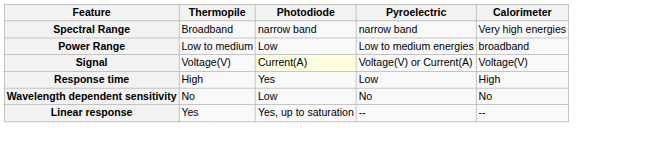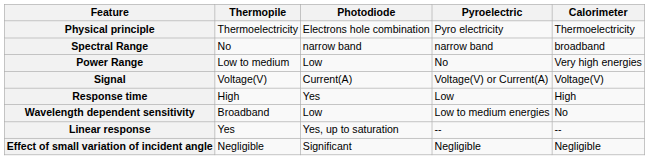 <table class="wikitable"  style="caption-side:bottom;">
 <tr>
 <th>Feature</th>
 <th>Thermopile</th>
 <th>Photodiode</th>
 <th>Pyroelectric</th>
 <th>Calorimeter</th>
 </tr>
 <tr>
+<th>Physical principle</th>
+<td>Thermoelectricity</td>
+<td>Electrons hole combination</td>
+<td>Pyro electricity</td>
+<td>Thermoelectricity</td>
+</tr>
+<tr>
 <th>Spectral Range</th>
-<td>Broadband</td>
+<td>No</td>
 <td>narrow band</td>
 <td>narrow band</td>
-<td>Very high energies</td>
+<td>broadband</td>
 </tr>
 <tr>
 <th>Power Range</th>
 <td>Low to medium</td>
 <td>Low</td>
-<td>Low to medium energies</td>
-<td>broadband</td>
+<td>No</td>
+<td>Very high energies</td>
 </tr>
 <tr>
 <th>Signal</th>
 <td>Voltage(V)</td>
-<td style="background: lightyellow;">Current(A)</td>
+<td>Current(A)</td>
 <td>Voltage(V) or Current(A)</td>
 <td>Voltage(V)</td>
 </tr>
 <tr>
 <th>Response time</th>
 <td>High</td>
 <td>Yes</td>
 <td>Low</td>
 <td>High</td>
 </tr>
 <tr>
 <th>Wavelength dependent sensitivity</th>
-<td>No</td>
+<td>Broadband</td>
 <td>Low</td>
-<td>No</td>
+<td>Low to medium energies</td>
 <td>No</td>
 </tr>
 <tr>
 <th>Linear response</th>
 <td>Yes</td>
 <td>Yes, up to saturation</td>
 <td>--</td>
 <td>--</td>
 </tr>
+<tr>
+<th>Effect of small variation of incident angle</th>
+<td>Negligible</td>
+<td>Significant</td>
+<td>Negligible</td>
+<td>Negligible</td>
+</tr>
 </table>
